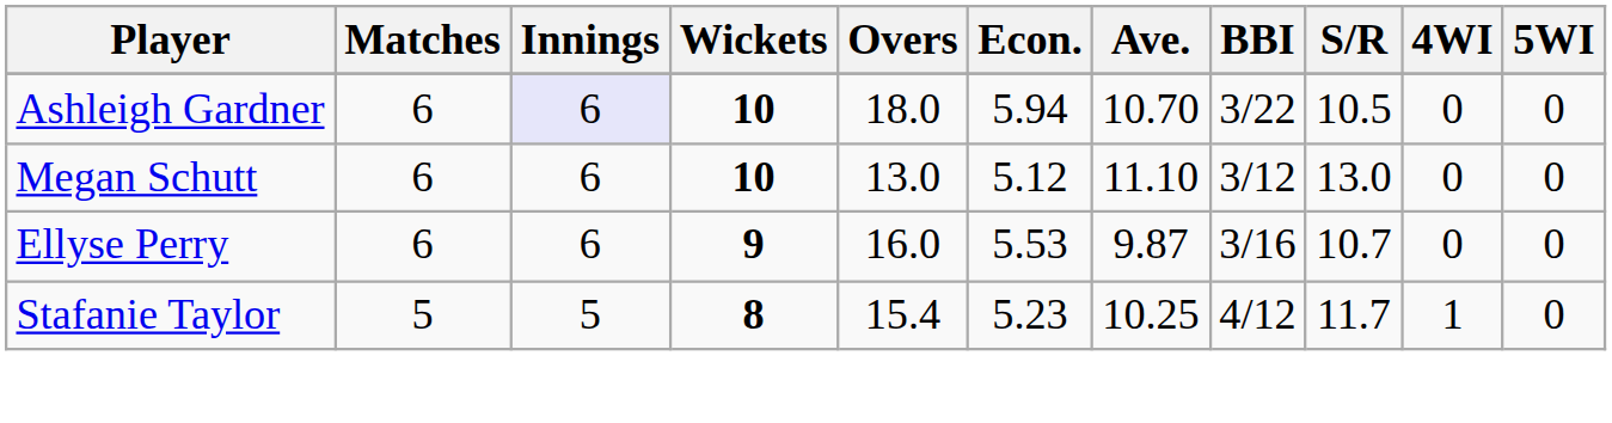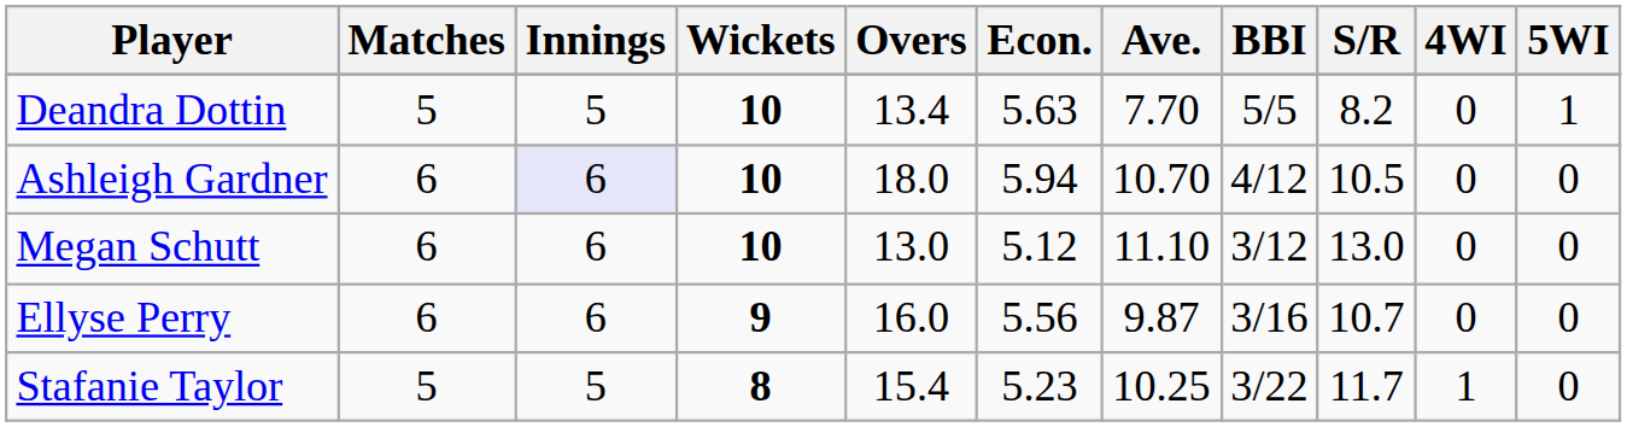 <table class="wikitable" style="text-align: center;">
 <tr>
 <th>Player</th>
 <th>Matches</th>
 <th>Innings</th>
 <th>Wickets</th>
 <th>Overs</th>
 <th>Econ.</th>
 <th>Ave.</th>
 <th>BBI</th>
 <th>S/R</th>
 <th>4WI</th>
 <th>5WI</th>
 </tr>
 <tr>
 </tr>
 <tr>
+<td style="text-align:left"> <a href='#'>Deandra Dottin</a></td>
+<td>5</td>
+<td>5</td>
+<td><strong>10</strong></td>
+<td>13.4</td>
+<td>5.63</td>
+<td>7.70</td>
+<td>5/5</td>
+<td>8.2</td>
+<td>0</td>
+<td>1</td>
+</tr>
+<tr>
 <td style="text-align:left"> <a href='#'>Ashleigh Gardner</a></td>
 <td>6</td>
 <td style="background: lavender;">6</td>
 <td><strong>10</strong></td>
 <td>18.0</td>
 <td>5.94</td>
 <td>10.70</td>
-<td>3/22</td>
+<td>4/12</td>
 <td>10.5</td>
 <td>0</td>
 <td>0</td>
 </tr>
 <tr>
 <td style="text-align:left"> <a href='#'>Megan Schutt</a></td>
 <td>6</td>
 <td>6</td>
 <td><strong>10</strong></td>
 <td>13.0</td>
 <td>5.12</td>
 <td>11.10</td>
 <td>3/12</td>
 <td>13.0</td>
 <td>0</td>
 <td>0</td>
 </tr>
 <tr>
 <td style="text-align:left"> <a href='#'>Ellyse Perry</a></td>
 <td>6</td>
 <td>6</td>
 <td><strong>9</strong></td>
 <td>16.0</td>
-<td>5.53</td>
+<td>5.56</td>
 <td>9.87</td>
 <td>3/16</td>
 <td>10.7</td>
 <td>0</td>
 <td>0</td>
 </tr>
 <tr>
 <td style="text-align:left"> <a href='#'>Stafanie Taylor</a></td>
 <td>5</td>
 <td>5</td>
 <td><strong>8</strong></td>
 <td>15.4</td>
 <td>5.23</td>
 <td>10.25</td>
-<td>4/12</td>
+<td>3/22</td>
 <td>11.7</td>
 <td>1</td>
 <td>0</td>
 </tr>
 </table>
